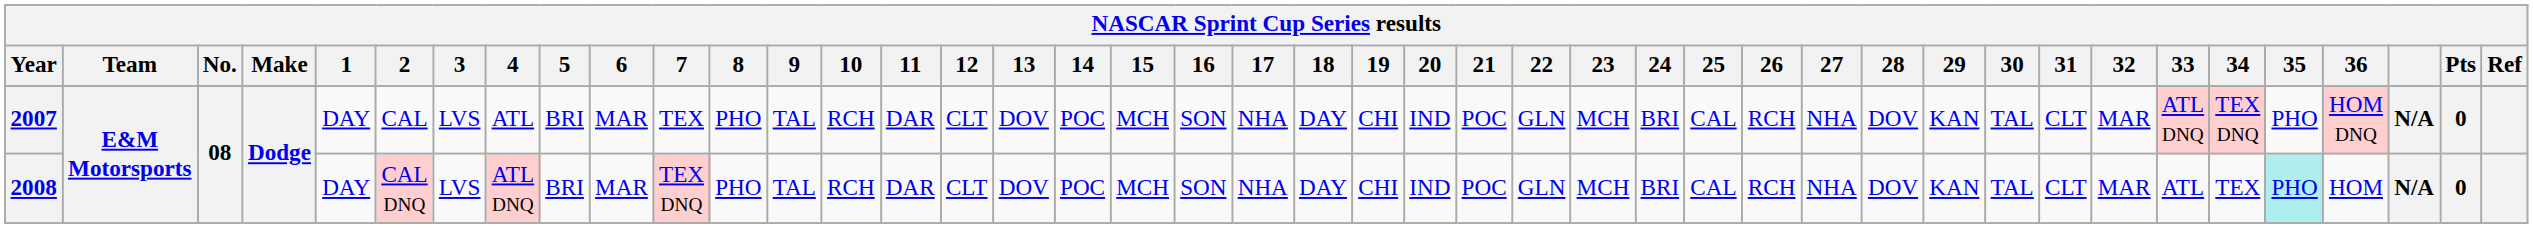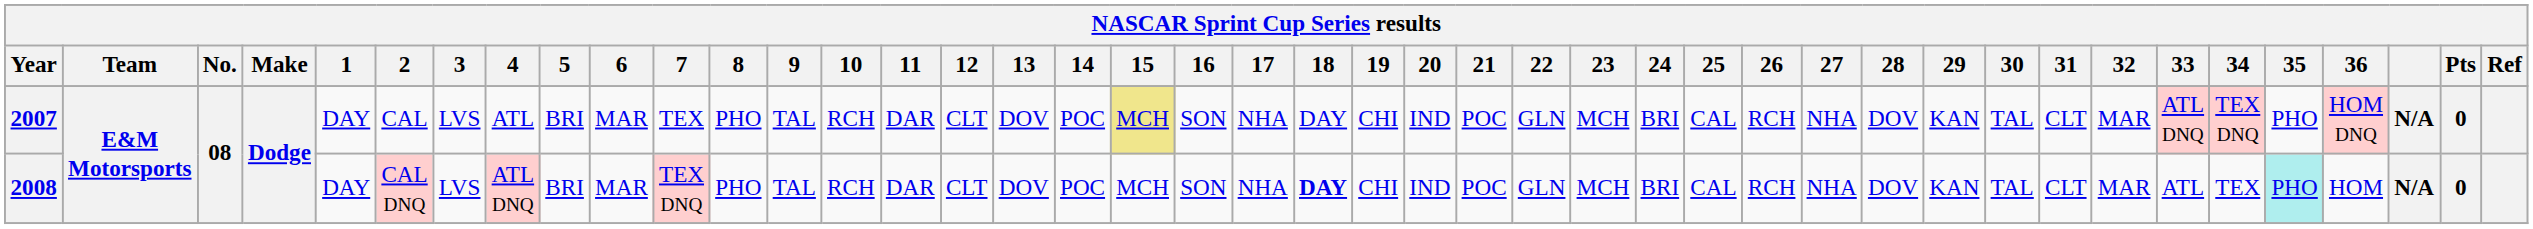 <table class="wikitable" style="text-align:center; font-size:75%">
 <tr>
 <th colspan=45><a href='#'>NASCAR Sprint Cup Series</a> results</th>
 </tr>
 <tr>
 <th>Year</th>
 <th>Team</th>
 <th>No.</th>
 <th>Make</th>
 <th>1</th>
 <th>2</th>
 <th>3</th>
 <th>4</th>
 <th>5</th>
 <th>6</th>
 <th>7</th>
 <th>8</th>
 <th>9</th>
 <th>10</th>
 <th>11</th>
 <th>12</th>
 <th>13</th>
 <th>14</th>
 <th>15</th>
 <th>16</th>
 <th>17</th>
 <th>18</th>
 <th>19</th>
 <th>20</th>
 <th>21</th>
 <th>22</th>
 <th>23</th>
 <th>24</th>
 <th>25</th>
 <th>26</th>
 <th>27</th>
 <th>28</th>
 <th>29</th>
 <th>30</th>
 <th>31</th>
 <th>32</th>
 <th>33</th>
 <th>34</th>
 <th>35</th>
 <th>36</th>
 <th></th>
 <th>Pts</th>
 <th>Ref</th>
 </tr>
 <tr>
 <th><a href='#'>2007</a></th>
 <th rowspan=2><a href='#'>E&M Motorsports</a></th>
 <th rowspan=2>08</th>
 <th rowspan=2><a href='#'>Dodge</a></th>
 <td><a href='#'>DAY</a></td>
 <td><a href='#'>CAL</a></td>
 <td><a href='#'>LVS</a></td>
 <td><a href='#'>ATL</a></td>
 <td><a href='#'>BRI</a></td>
 <td><a href='#'>MAR</a></td>
 <td><a href='#'>TEX</a></td>
 <td><a href='#'>PHO</a></td>
 <td><a href='#'>TAL</a></td>
 <td><a href='#'>RCH</a></td>
 <td><a href='#'>DAR</a></td>
 <td><a href='#'>CLT</a></td>
 <td><a href='#'>DOV</a></td>
 <td><a href='#'>POC</a></td>
-<td><a href='#'>MCH</a></td>
+<td style="background: khaki;"><a href='#'>MCH</a></td>
 <td><a href='#'>SON</a></td>
 <td><a href='#'>NHA</a></td>
 <td><a href='#'>DAY</a></td>
 <td><a href='#'>CHI</a></td>
 <td><a href='#'>IND</a></td>
 <td><a href='#'>POC</a></td>
 <td><a href='#'>GLN</a></td>
 <td><a href='#'>MCH</a></td>
 <td><a href='#'>BRI</a></td>
 <td><a href='#'>CAL</a></td>
 <td><a href='#'>RCH</a></td>
 <td><a href='#'>NHA</a></td>
 <td><a href='#'>DOV</a></td>
 <td><a href='#'>KAN</a></td>
 <td><a href='#'>TAL</a></td>
 <td><a href='#'>CLT</a></td>
 <td><a href='#'>MAR</a></td>
 <td style="background:#FFCFCF;"><a href='#'>ATL</a><br><small>DNQ</small></td>
 <td style="background:#FFCFCF;"><a href='#'>TEX</a><br><small>DNQ</small></td>
 <td><a href='#'>PHO</a></td>
 <td style="background:#FFCFCF;"><a href='#'>HOM</a><br><small>DNQ</small></td>
 <th>N/A</th>
 <th>0</th>
 <th></th>
 </tr>
 <tr>
 <th><a href='#'>2008</a></th>
 <td><a href='#'>DAY</a></td>
 <td style="background:#FFCFCF;"><a href='#'>CAL</a><br><small>DNQ</small></td>
 <td><a href='#'>LVS</a></td>
 <td style="background:#FFCFCF;"><a href='#'>ATL</a><br><small>DNQ</small></td>
 <td><a href='#'>BRI</a></td>
 <td><a href='#'>MAR</a></td>
 <td style="background:#FFCFCF;"><a href='#'>TEX</a><br><small>DNQ</small></td>
 <td><a href='#'>PHO</a></td>
 <td><a href='#'>TAL</a></td>
 <td><a href='#'>RCH</a></td>
 <td><a href='#'>DAR</a></td>
 <td><a href='#'>CLT</a></td>
 <td><a href='#'>DOV</a></td>
 <td><a href='#'>POC</a></td>
 <td><a href='#'>MCH</a></td>
 <td><a href='#'>SON</a></td>
 <td><a href='#'>NHA</a></td>
-<td><a href='#'>DAY</a></td>
+<td><strong><a href='#'>DAY</a></strong></td>
 <td><a href='#'>CHI</a></td>
 <td><a href='#'>IND</a></td>
 <td><a href='#'>POC</a></td>
 <td><a href='#'>GLN</a></td>
 <td><a href='#'>MCH</a></td>
 <td><a href='#'>BRI</a></td>
 <td><a href='#'>CAL</a></td>
 <td><a href='#'>RCH</a></td>
 <td><a href='#'>NHA</a></td>
 <td><a href='#'>DOV</a></td>
 <td><a href='#'>KAN</a></td>
 <td><a href='#'>TAL</a></td>
 <td><a href='#'>CLT</a></td>
 <td><a href='#'>MAR</a></td>
 <td><a href='#'>ATL</a></td>
 <td><a href='#'>TEX</a></td>
 <td style="background: paleturquoise;"><a href='#'>PHO</a></td>
 <td><a href='#'>HOM</a></td>
 <th>N/A</th>
 <th>0</th>
 <th></th>
 </tr>
 </table>
